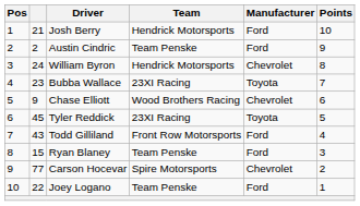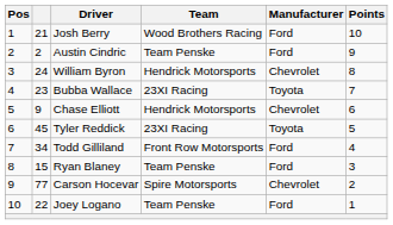 <table class="wikitable" style="font-size:98%">
 <tr>
 <th>Pos</th>
 <th></th>
 <th>Driver</th>
 <th>Team</th>
 <th>Manufacturer</th>
 <th>Points</th>
 </tr>
 <tr>
 <td>1</td>
 <td>21</td>
 <td>Josh Berry</td>
-<td>Hendrick Motorsports</td>
+<td>Wood Brothers Racing</td>
 <td>Ford</td>
 <td>10</td>
 </tr>
 <tr>
 <td>2</td>
 <td>2</td>
 <td>Austin Cindric</td>
 <td>Team Penske</td>
 <td>Ford</td>
 <td>9</td>
 </tr>
 <tr>
 <td>3</td>
 <td>24</td>
 <td>William Byron</td>
 <td>Hendrick Motorsports</td>
 <td>Chevrolet</td>
 <td>8</td>
 </tr>
 <tr>
 <td>4</td>
 <td>23</td>
 <td>Bubba Wallace</td>
 <td>23XI Racing</td>
 <td>Toyota</td>
 <td>7</td>
 </tr>
 <tr>
 <td>5</td>
 <td>9</td>
 <td>Chase Elliott</td>
-<td>Wood Brothers Racing</td>
+<td>Hendrick Motorsports</td>
 <td>Chevrolet</td>
 <td>6</td>
 </tr>
 <tr>
 <td>6</td>
 <td>45</td>
 <td>Tyler Reddick</td>
 <td>23XI Racing</td>
 <td>Toyota</td>
 <td>5</td>
 </tr>
 <tr>
 <td>7</td>
-<td>43</td>
+<td>34</td>
 <td>Todd Gilliland</td>
 <td>Front Row Motorsports</td>
 <td>Ford</td>
 <td>4</td>
 </tr>
 <tr>
 <td>8</td>
 <td>15</td>
 <td>Ryan Blaney</td>
 <td>Team Penske</td>
 <td>Ford</td>
 <td>3</td>
 </tr>
 <tr>
 <td>9</td>
 <td>77</td>
 <td>Carson Hocevar</td>
 <td>Spire Motorsports</td>
 <td>Chevrolet</td>
 <td>2</td>
 </tr>
 <tr>
 <td>10</td>
 <td>22</td>
 <td>Joey Logano</td>
 <td>Team Penske</td>
 <td>Ford</td>
 <td>1</td>
 </tr>
 <tr>
 <th colspan="6"></th>
 </tr>
 </table>
